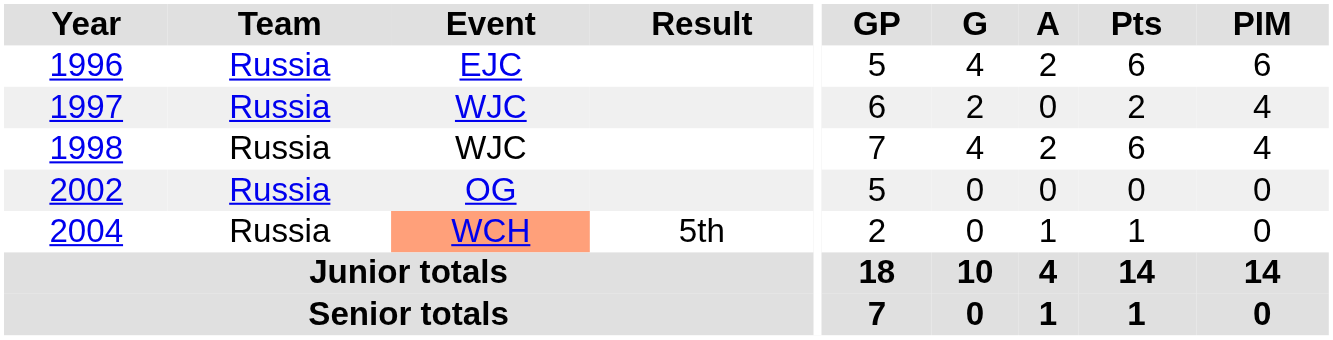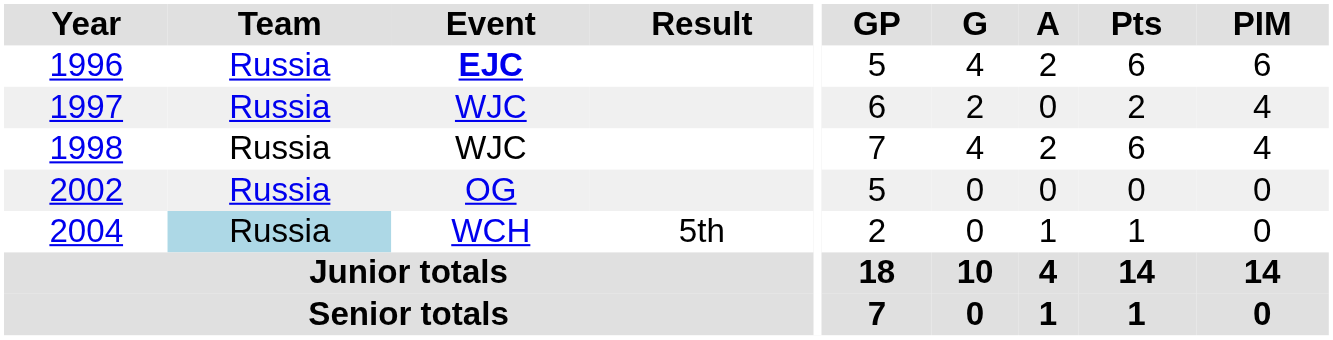 <table border="0" cellpadding="1" cellspacing="0" ID="Table3" style="text-align:center; width:40em">
 <tr ALIGN="center" bgcolor="#e0e0e0">
 <th>Year</th>
 <th>Team</th>
 <th>Event</th>
 <th>Result</th>
 <th rowspan="99" bgcolor="#ffffff"></th>
 <th>GP</th>
 <th>G</th>
 <th>A</th>
 <th>Pts</th>
 <th>PIM</th>
 </tr>
 <tr>
 <td><a href='#'>1996</a></td>
 <td><a href='#'>Russia</a></td>
-<td><a href='#'>EJC</a></td>
+<td><strong><a href='#'>EJC</a></strong></td>
 <td></td>
 <td>5</td>
 <td>4</td>
 <td>2</td>
 <td>6</td>
 <td>6</td>
 </tr>
 <tr bgcolor="#f0f0f0">
 <td><a href='#'>1997</a></td>
 <td><a href='#'>Russia</a></td>
 <td><a href='#'>WJC</a></td>
 <td></td>
 <td>6</td>
 <td>2</td>
 <td>0</td>
 <td>2</td>
 <td>4</td>
 </tr>
 <tr>
 <td><a href='#'>1998</a></td>
 <td>Russia</td>
 <td>WJC</td>
 <td></td>
 <td>7</td>
 <td>4</td>
 <td>2</td>
 <td>6</td>
 <td>4</td>
 </tr>
 <tr bgcolor="#f0f0f0">
 <td><a href='#'>2002</a></td>
 <td><a href='#'>Russia</a></td>
 <td><a href='#'>OG</a></td>
 <td></td>
 <td>5</td>
 <td>0</td>
 <td>0</td>
 <td>0</td>
 <td>0</td>
 </tr>
 <tr>
 <td><a href='#'>2004</a></td>
-<td>Russia</td>
-<td style="background: lightsalmon;"><a href='#'>WCH</a></td>
+<td style="background: lightblue;">Russia</td>
+<td><a href='#'>WCH</a></td>
 <td>5th</td>
 <td>2</td>
 <td>0</td>
 <td>1</td>
 <td>1</td>
 <td>0</td>
 </tr>
 <tr bgcolor="#e0e0e0">
 <th colspan="4">Junior totals</th>
 <th>18</th>
 <th>10</th>
 <th>4</th>
 <th>14</th>
 <th>14</th>
 </tr>
 <tr bgcolor="#e0e0e0">
 <th colspan="4">Senior totals</th>
 <th>7</th>
 <th>0</th>
 <th>1</th>
 <th>1</th>
 <th>0</th>
 </tr>
 </table>
